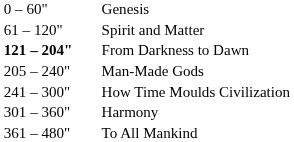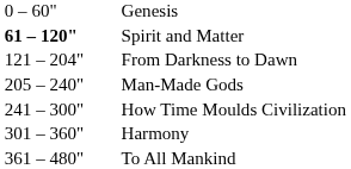 <table>
 <tr>
 <td valign="top" width="100px">0 – 60"</td>
 <td valign="top">Genesis</td>
 </tr>
 <tr>
-<td valign="top" width="100px">61 – 120"</td>
+<td valign="top" width="100px"><strong>61 – 120"</strong></td>
 <td valign="top">Spirit and Matter</td>
 </tr>
 <tr>
-<td valign="top" width="100px"><strong>121 – 204"</strong></td>
+<td valign="top" width="100px">121 – 204"</td>
 <td valign="top">From Darkness to Dawn</td>
 </tr>
 <tr>
 <td valign="top" width="100px">205 – 240"</td>
 <td valign="top">Man-Made Gods</td>
 </tr>
 <tr>
 <td valign="top" width="100px">241 – 300"</td>
 <td valign="top">How Time Moulds Civilization</td>
 </tr>
 <tr>
 <td valign="top" width="100px">301 – 360"</td>
 <td valign="top">Harmony</td>
 </tr>
 <tr>
 <td valign="top" width="100px">361 – 480"</td>
 <td valign="top">To All Mankind</td>
 </tr>
 </table>
